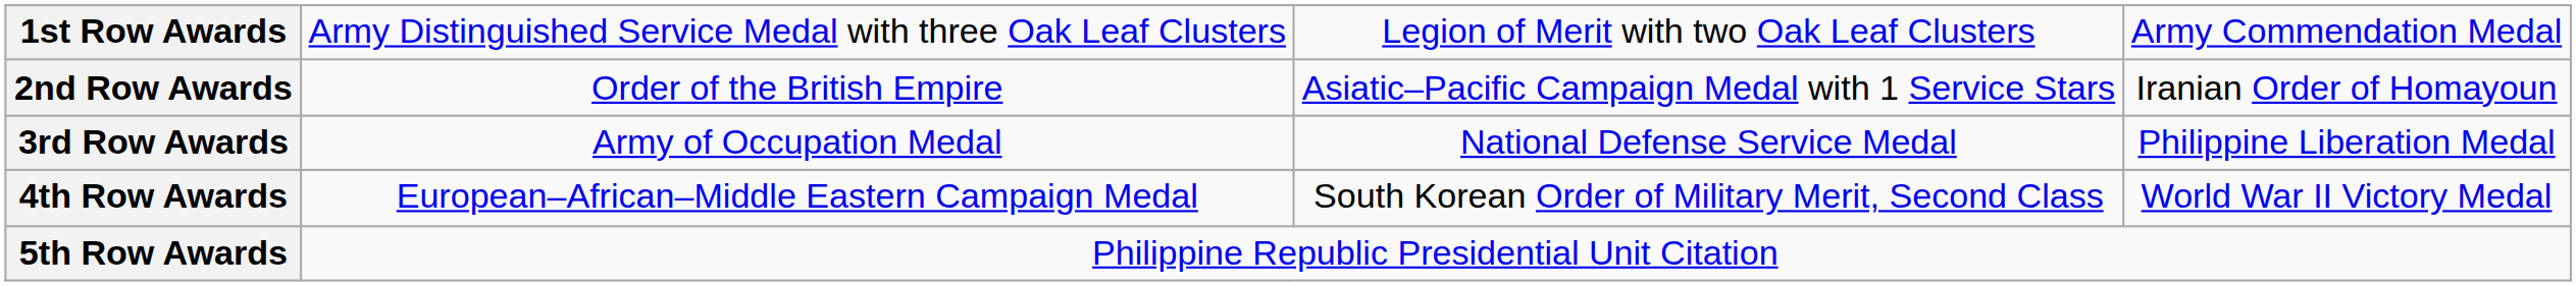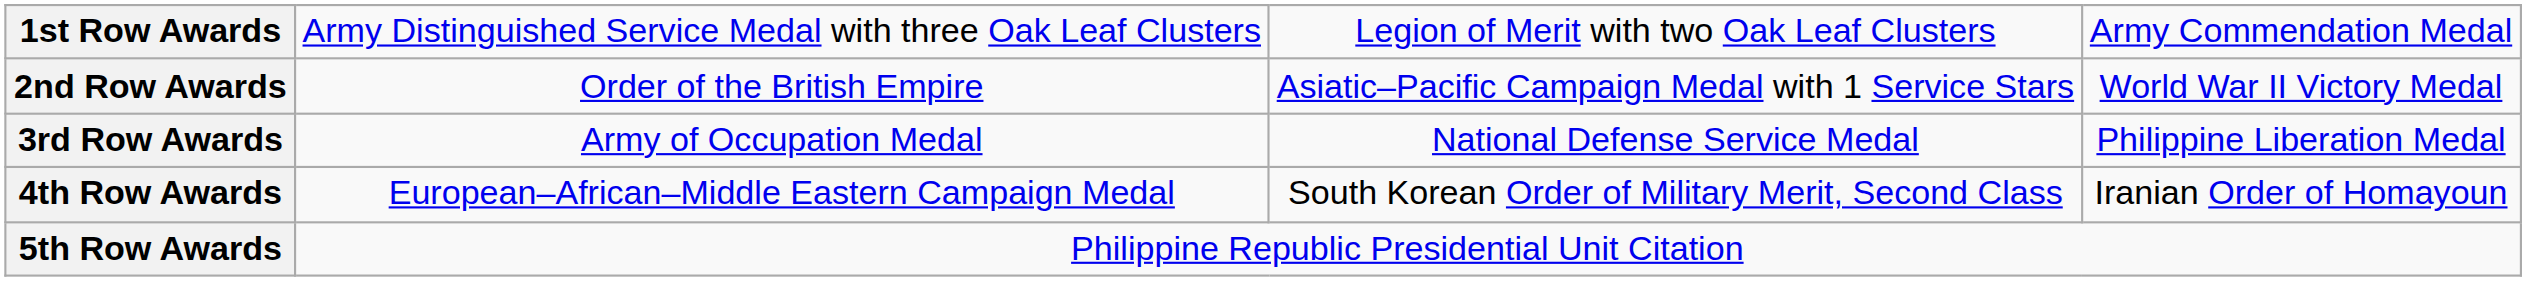 <table class="wikitable" style="margin:1em auto; text-align:center;">
 <tr>
 <th>1st Row Awards</th>
 <td><a href='#'>Army Distinguished Service Medal</a> with three <a href='#'>Oak Leaf Clusters</a></td>
 <td><a href='#'>Legion of Merit</a> with two <a href='#'>Oak Leaf Clusters</a></td>
 <td><a href='#'>Army Commendation Medal</a></td>
 </tr>
 <tr>
 <th>2nd Row Awards</th>
 <td><a href='#'>Order of the British Empire</a></td>
 <td><a href='#'>Asiatic–Pacific Campaign Medal</a> with 1 <a href='#'>Service Stars</a></td>
-<td>Iranian <a href='#'>Order of Homayoun</a></td>
+<td><a href='#'>World War II Victory Medal</a></td>
 </tr>
 <tr>
 <th>3rd Row Awards</th>
 <td><a href='#'>Army of Occupation Medal</a></td>
 <td><a href='#'>National Defense Service Medal</a></td>
 <td><a href='#'>Philippine Liberation Medal</a></td>
 </tr>
 <tr>
 <th>4th Row Awards</th>
 <td><a href='#'>European–African–Middle Eastern Campaign Medal</a></td>
 <td>South Korean <a href='#'>Order of Military Merit, Second Class</a></td>
-<td><a href='#'>World War II Victory Medal</a></td>
+<td>Iranian <a href='#'>Order of Homayoun</a></td>
 </tr>
 <tr>
 <th>5th Row Awards</th>
 <td colspan="3"><a href='#'>Philippine Republic Presidential Unit Citation</a></td>
 </tr>
 </table>
